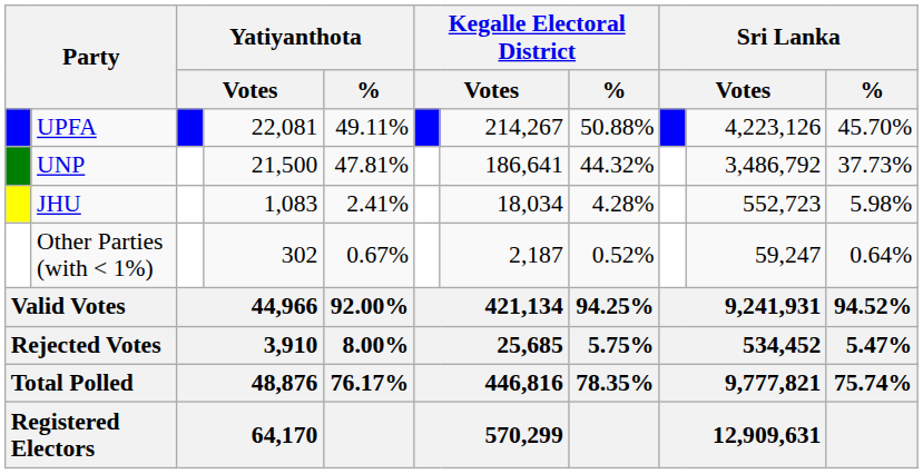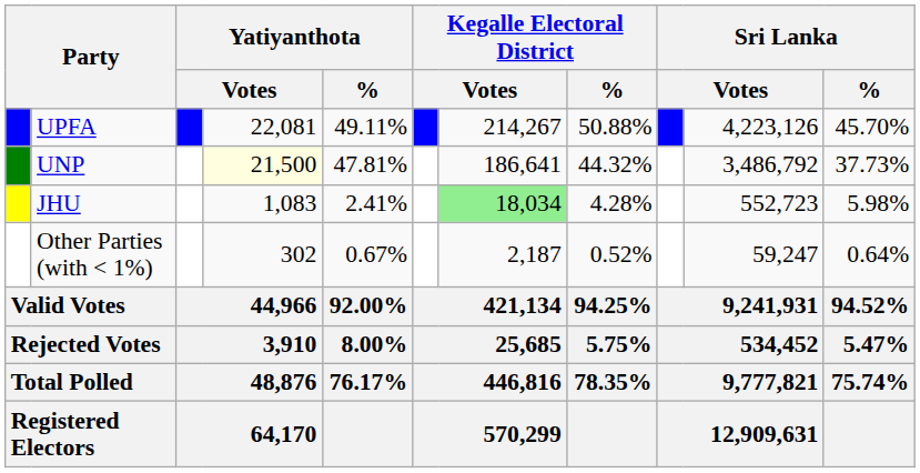 <table class="wikitable">
 <tr>
 <th colspan="2" width="144px"rowspan="2">Party</th>
 <th colspan="3" width="216px">Yatiyanthota</th>
 <th colspan="3" width="216px"><a href='#'>Kegalle Electoral District</a></th>
 <th colspan="3" width="216px">Sri Lanka</th>
 </tr>
 <tr>
 <th colspan="2" width="144px">Votes</th>
 <th>%</th>
 <th colspan="2" width="144px">Votes</th>
 <th>%</th>
 <th colspan="2" width="144px">Votes</th>
 <th>%</th>
 </tr>
 <tr>
 <td style="background-color:blue;" width="10px"></td>
 <td style="text-align:left;"><a href='#'>UPFA</a></td>
 <td style="background-color:blue;" width="10px"></td>
 <td style="text-align:right;">22,081</td>
 <td style="text-align:right;">49.11%</td>
 <td style="background-color:blue;" width="10px"></td>
 <td style="text-align:right;">214,267</td>
 <td style="text-align:right;">50.88%</td>
 <td style="background-color:blue;" width="10px"></td>
 <td style="text-align:right;">4,223,126</td>
 <td style="text-align:right;">45.70%</td>
 </tr>
 <tr>
 <td style="background-color:green;" width="10px"></td>
 <td style="text-align:left;"><a href='#'>UNP</a></td>
 <td style="background-color:white;" width="10px"></td>
-<td style="text-align:right;">21,500</td>
+<td style="background: lightyellow; text-align:right;">21,500</td>
 <td style="text-align:right;">47.81%</td>
 <td style="background-color:white;" width="10px"></td>
 <td style="text-align:right;">186,641</td>
 <td style="text-align:right;">44.32%</td>
 <td style="background-color:white;" width="10px"></td>
 <td style="text-align:right;">3,486,792</td>
 <td style="text-align:right;">37.73%</td>
 </tr>
 <tr>
 <td style="background-color:yellow;" width="10px"></td>
 <td style="text-align:left;"><a href='#'>JHU</a></td>
 <td style="background-color:white;" width="10px"></td>
 <td style="text-align:right;">1,083</td>
 <td style="text-align:right;">2.41%</td>
 <td style="background-color:white;" width="10px"></td>
-<td style="text-align:right;">18,034</td>
+<td style="background: lightgreen; text-align:right;">18,034</td>
 <td style="text-align:right;">4.28%</td>
 <td style="background-color:white;" width="10px"></td>
 <td style="text-align:right;">552,723</td>
 <td style="text-align:right;">5.98%</td>
 </tr>
 <tr>
 <td style="background-color:white;" width="10px"></td>
 <td style="text-align:left;">Other Parties (with < 1%)</td>
 <td style="background-color:white;" width="10px"></td>
 <td style="text-align:right;">302</td>
 <td style="text-align:right;">0.67%</td>
 <td style="background-color:white;" width="10px"></td>
 <td style="text-align:right;">2,187</td>
 <td style="text-align:right;">0.52%</td>
 <td style="background-color:white;" width="10px"></td>
 <td style="text-align:right;">59,247</td>
 <td style="text-align:right;">0.64%</td>
 </tr>
 <tr>
 <th colspan="2" width="144px"style="text-align:left;">Valid Votes</th>
 <th style="text-align:right;"colspan="2" width="144px">44,966</th>
 <th style="text-align:right;">92.00%</th>
 <th style="text-align:right;"colspan="2" width="144px">421,134</th>
 <th style="text-align:right;">94.25%</th>
 <th style="text-align:right;"colspan="2" width="144px">9,241,931</th>
 <th style="text-align:right;">94.52%</th>
 </tr>
 <tr>
 <th colspan="2" width="144px"style="text-align:left;">Rejected Votes</th>
 <th style="text-align:right;"colspan="2" width="144px">3,910</th>
 <th style="text-align:right;">8.00%</th>
 <th style="text-align:right;"colspan="2" width="144px">25,685</th>
 <th style="text-align:right;">5.75%</th>
 <th style="text-align:right;"colspan="2" width="144px">534,452</th>
 <th style="text-align:right;">5.47%</th>
 </tr>
 <tr>
 <th colspan="2" width="144px"style="text-align:left;">Total Polled</th>
 <th style="text-align:right;"colspan="2" width="144px">48,876</th>
 <th style="text-align:right;">76.17%</th>
 <th style="text-align:right;"colspan="2" width="144px">446,816</th>
 <th style="text-align:right;">78.35%</th>
 <th style="text-align:right;"colspan="2" width="144px">9,777,821</th>
 <th style="text-align:right;">75.74%</th>
 </tr>
 <tr>
 <th colspan="2" width="144px"style="text-align:left;">Registered Electors</th>
 <th style="text-align:right;"colspan="2" width="144px">64,170</th>
 <th></th>
 <th style="text-align:right;"colspan="2" width="144px">570,299</th>
 <th></th>
 <th style="text-align:right;"colspan="2" width="144px">12,909,631</th>
 <th></th>
 </tr>
 </table>
